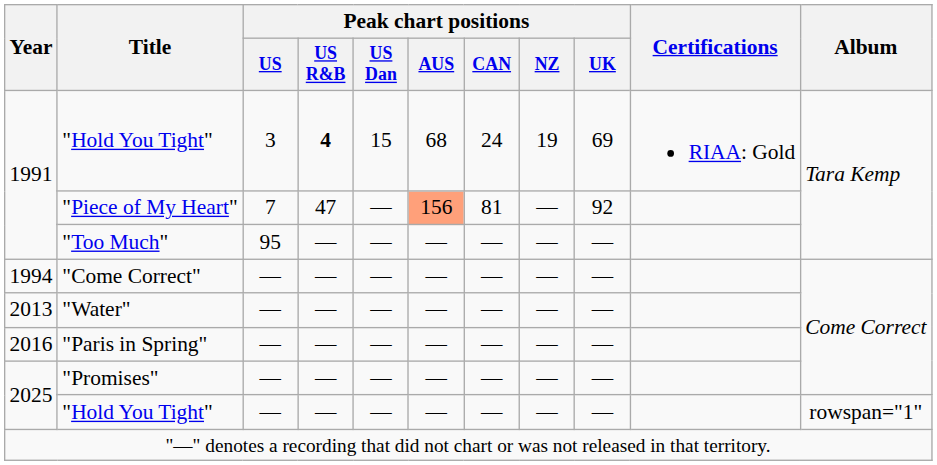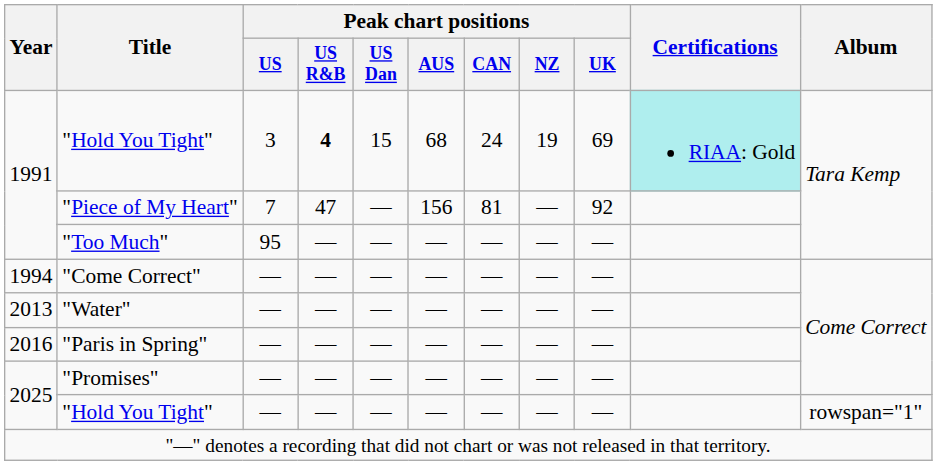 <table class="wikitable" style="text-align:center;">
 <tr>
 <th rowspan="2">Year</th>
 <th rowspan="2">Title</th>
 <th colspan="7">Peak chart positions</th>
 <th rowspan="2"><a href='#'>Certifications</a></th>
 <th rowspan="2">Album</th>
 </tr>
 <tr style="font-size:smaller;">
 <th width="35"><a href='#'>US</a><br></th>
 <th width="35"><a href='#'>US<br>R&B</a><br></th>
 <th width="35"><a href='#'>US<br>Dan</a><br></th>
 <th width="35"><a href='#'>AUS</a><br></th>
 <th width="35"><a href='#'>CAN</a><br></th>
 <th width="35"><a href='#'>NZ</a><br></th>
 <th width="35"><a href='#'>UK</a><br></th>
 </tr>
 <tr>
 <td rowspan="3">1991</td>
 <td align="left">"<a href='#'>Hold You Tight</a>"</td>
 <td>3</td>
 <td><strong>4</strong></td>
 <td>15</td>
 <td>68</td>
 <td>24</td>
 <td>19</td>
 <td>69</td>
-<td align="left"><br><ul><li><a href='#'>RIAA</a>: Gold</li></ul></td>
+<td align="left" style="background: paleturquoise;"><br><ul><li><a href='#'>RIAA</a>: Gold</li></ul></td>
 <td align="left" rowspan="3"><em>Tara Kemp</em></td>
 </tr>
 <tr>
 <td align="left">"<a href='#'>Piece of My Heart</a>"</td>
 <td>7</td>
 <td>47</td>
 <td>—</td>
-<td style="background: lightsalmon;">156</td>
+<td>156</td>
 <td>81</td>
 <td>—</td>
 <td>92</td>
 <td align="left"></td>
 </tr>
 <tr>
 <td align="left">"<a href='#'>Too Much</a>"</td>
 <td>95</td>
 <td>—</td>
 <td>—</td>
 <td>—</td>
 <td>—</td>
 <td>—</td>
 <td>—</td>
 <td align="left"></td>
 </tr>
 <tr>
 <td>1994</td>
 <td align="left">"Come Correct"</td>
 <td>—</td>
 <td>—</td>
 <td>—</td>
 <td>—</td>
 <td>—</td>
 <td>—</td>
 <td>—</td>
 <td align="left"></td>
 <td rowspan="4"><em>Come Correct</em></td>
 </tr>
 <tr>
 <td>2013</td>
 <td align="left">"Water"</td>
 <td>—</td>
 <td>—</td>
 <td>—</td>
 <td>—</td>
 <td>—</td>
 <td>—</td>
 <td>—</td>
 <td align="left"></td>
 </tr>
 <tr>
 <td>2016</td>
 <td align="left">"Paris in Spring" </td>
 <td>—</td>
 <td>—</td>
 <td>—</td>
 <td>—</td>
 <td>—</td>
 <td>—</td>
 <td>—</td>
 <td align="left"></td>
 </tr>
 <tr>
 <td rowspan="2">2025</td>
 <td align="left">"Promises"</td>
 <td>—</td>
 <td>—</td>
 <td>—</td>
 <td>—</td>
 <td>—</td>
 <td>—</td>
 <td>—</td>
 <td align="left"></td>
 </tr>
 <tr>
 <td align="left">"<a href='#'>Hold You Tight</a>"<br></td>
 <td>—</td>
 <td>—</td>
 <td>—</td>
 <td>—</td>
 <td>—</td>
 <td>—</td>
 <td>—</td>
 <td align="left"></td>
 <td>rowspan="1" </td>
 </tr>
 <tr>
 <td colspan="15" style="font-size:90%">"—" denotes a recording that did not chart or was not released in that territory.</td>
 </tr>
 </table>
